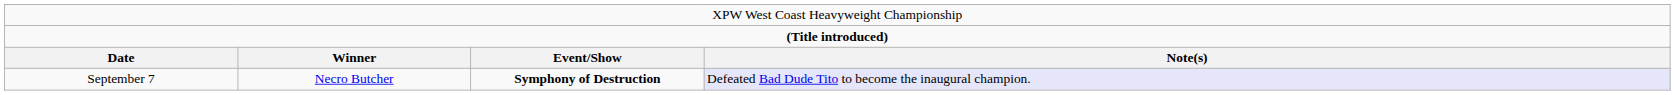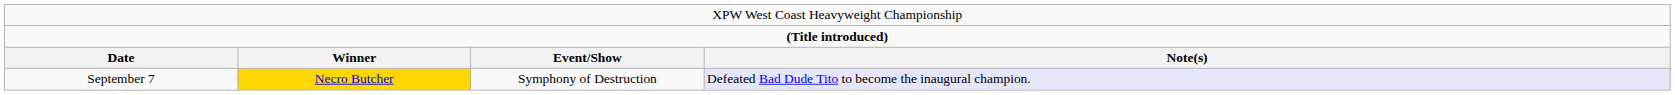 <table class="wikitable" style="text-align:center; width:100%;">
 <tr>
 <td colspan="4" style="text-align: center;">XPW West Coast Heavyweight Championship</td>
 </tr>
 <tr>
 <td colspan="4" style="text-align: center;"><strong>(Title introduced)</strong></td>
 </tr>
 <tr>
 <th width=14%>Date</th>
 <th width=14%>Winner</th>
 <th width=14%>Event/Show</th>
 <th width=58%>Note(s)</th>
 </tr>
 <tr>
 <td>September 7</td>
-<td><a href='#'>Necro Butcher</a></td>
-<td><strong>Symphony of Destruction</strong></td>
+<td style="background: gold;"><a href='#'>Necro Butcher</a></td>
+<td>Symphony of Destruction</td>
 <td align=left style="background: lavender;">Defeated <a href='#'>Bad Dude Tito</a> to become the inaugural champion.</td>
 </tr>
 </table>
